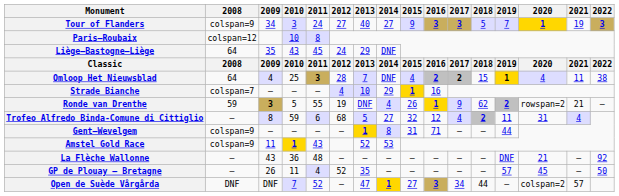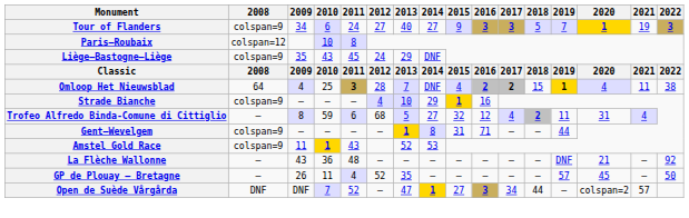 <table class="wikitable plainrowheaders">
 <tr style="background:#eee;">
 <th>Monument</th>
 <th>2008</th>
 <th>2009</th>
 <th>2010</th>
 <th>2011</th>
 <th>2012</th>
 <th>2013</th>
 <th>2014</th>
 <th>2015</th>
 <th>2016</th>
 <th>2017</th>
 <th>2018</th>
 <th>2019</th>
 <th>2020</th>
 <th>2021</th>
 <th>2022</th>
 </tr>
 <tr style="text-align:center;">
 <th scope="row"><a href='#'>Tour of Flanders</a></th>
 <td>colspan=9 </td>
 <td><a href='#'>34</a></td>
-<td style="background:#ddf;"><a href='#'>3</a></td>
+<td style="background:#ddf;"><a href='#'>6</a></td>
 <td><a href='#'>24</a></td>
 <td><a href='#'>27</a></td>
 <td><a href='#'>40</a></td>
 <td><a href='#'>27</a></td>
 <td style="background:#ddf;"><a href='#'>9</a></td>
 <td style="background:#C9AE5D;"><a href='#'><strong>3</strong></a></td>
 <td style="background:#C9AE5D;"><a href='#'><strong>3</strong></a></td>
 <td style="background:#ddf;"><a href='#'>5</a></td>
 <td style="background:#ddf;"><a href='#'>7</a></td>
 <td style="background:gold;"><a href='#'><strong>1</strong></a></td>
 <td><a href='#'>19</a></td>
 <td style="background:#C9AE5D;"><a href='#'><strong>3</strong></a></td>
 </tr>
 <tr style="text-align:center;">
 <th scope="row"><a href='#'>Paris–Roubaix</a></th>
 <td>colspan=12 </td>
 <td></td>
 <td style="background:#ddf;"><a href='#'>10</a></td>
 <td style="background:#ddf;"><a href='#'>8</a></td>
 </tr>
 <tr style="text-align:center;">
 <th scope="row"><a href='#'>Liège–Bastogne–Liège</a></th>
-<td>64</td>
+<td>colspan=9 </td>
 <td><a href='#'>35</a></td>
 <td><a href='#'>43</a></td>
 <td><a href='#'>45</a></td>
 <td><a href='#'>24</a></td>
 <td><a href='#'>29</a></td>
 <td><a href='#'>DNF</a></td>
 </tr>
 <tr>
 <th>Classic</th>
 <th>2008</th>
 <th>2009</th>
 <th>2010</th>
 <th>2011</th>
 <th>2012</th>
 <th>2013</th>
 <th>2014</th>
 <th>2015</th>
 <th>2016</th>
 <th>2017</th>
 <th>2018</th>
 <th>2019</th>
 <th>2020</th>
 <th>2021</th>
 <th>2022</th>
 </tr>
 <tr style="text-align:center;">
 <th scope="row"><a href='#'>Omloop Het Nieuwsblad</a></th>
 <td>64</td>
 <td style="background:#ddf;">4</td>
 <td>25</td>
 <td style="background:#C9AE5D;"><strong>3</strong></td>
 <td><a href='#'>28</a></td>
 <td style="background:#ddf;"><a href='#'>7</a></td>
 <td><a href='#'>DNF</a></td>
 <td style="background:#ddf;"><a href='#'>4</a></td>
 <td style="background:silver;"><a href='#'><strong>2</strong></a></td>
 <td style="background:silver;"><strong>2</strong></td>
 <td><a href='#'>15</a></td>
 <td style="background:gold;"><strong>1</strong></td>
 <td style="background:#ddf;"><a href='#'>4</a></td>
 <td><a href='#'>11</a></td>
 <td><a href='#'>38</a></td>
 </tr>
 <tr style="text-align:center;">
 <th scope="row"><a href='#'>Strade Bianche</a></th>
-<td>colspan=7 </td>
+<td>colspan=9 </td>
 <td>—</td>
 <td>—</td>
 <td>—</td>
 <td style="background:#ddf;"><a href='#'>4</a></td>
 <td style="background:#ddf;"><a href='#'>10</a></td>
 <td><a href='#'>29</a></td>
 <td style="background:gold;"><a href='#'><strong>1</strong></a></td>
 <td><a href='#'>16</a></td>
-</tr>
-<tr style="text-align:center;">
-<th scope="row"><a href='#'>Ronde van Drenthe</a></th>
-<td>59</td>
-<td style="background:#C9AE5D;"><strong>3</strong></td>
-<td>5</td>
-<td>55</td>
-<td>19</td>
-<td><a href='#'>DNF</a></td>
-<td style="background:#ddf;"><a href='#'>4</a></td>
-<td><a href='#'>26</a></td>
-<td style="background:gold;"><a href='#'><strong>1</strong></a></td>
-<td style="background:#ddf;"><a href='#'>9</a></td>
-<td><a href='#'>62</a></td>
-<td style="background:silver;"><a href='#'><strong>2</strong></a></td>
-<td>rowspan=2 </td>
-<td>21</td>
-<td>—</td>
 </tr>
 <tr style="text-align:center;">
 <th scope="row"><a href='#'>Trofeo Alfredo Binda-Comune di Cittiglio</a></th>
 <td>—</td>
 <td style="background:#ddf;">8</td>
 <td>59</td>
 <td style="background:#ddf;">6</td>
 <td>68</td>
 <td style="background:#ddf;"><a href='#'>5</a></td>
 <td><a href='#'>27</a></td>
 <td><a href='#'>32</a></td>
 <td><a href='#'>12</a></td>
 <td style="background:#ddf;"><a href='#'>4</a></td>
 <td style="background:silver;"><a href='#'><strong>2</strong></a></td>
 <td><a href='#'>11</a></td>
 <td><a href='#'>31</a></td>
 <td style="background:#ddf;"><a href='#'>4</a></td>
 </tr>
 <tr style="text-align:center;">
 <th scope="row"><a href='#'>Gent–Wevelgem</a></th>
 <td>colspan=9 </td>
 <td>—</td>
 <td>—</td>
 <td>—</td>
 <td>—</td>
 <td style="background:gold;"><a href='#'><strong>1</strong></a></td>
 <td style="background:#ddf;"><a href='#'>8</a></td>
 <td><a href='#'>31</a></td>
 <td><a href='#'>71</a></td>
 <td>—</td>
 <td>—</td>
 <td><a href='#'>44</a></td>
 </tr>
 <tr style="text-align:center;">
 <th scope="row"><a href='#'>Amstel Gold Race</a></th>
 <td>colspan=9 </td>
 <td><a href='#'>11</a></td>
 <td style="background:gold;"><a href='#'><strong>1</strong></a></td>
 <td><a href='#'>43</a></td>
 <td></td>
 <td><a href='#'>52</a></td>
 <td><a href='#'>53</a></td>
 </tr>
 <tr style="text-align:center;">
 <th scope="row"><a href='#'>La Flèche Wallonne</a></th>
 <td>—</td>
 <td>43</td>
 <td>36</td>
 <td>48</td>
 <td>—</td>
 <td>—</td>
 <td>—</td>
 <td>—</td>
 <td>—</td>
 <td>—</td>
 <td>—</td>
 <td><a href='#'>DNF</a></td>
 <td><a href='#'>21</a></td>
 <td>—</td>
 <td><a href='#'>92</a></td>
 </tr>
 <tr style="text-align:center;">
 <th scope="row"><a href='#'>GP de Plouay – Bretagne</a></th>
 <td>—</td>
 <td>26</td>
 <td>11</td>
 <td style="background:#ddf;">4</td>
 <td>52</td>
 <td><a href='#'>35</a></td>
 <td>—</td>
 <td>—</td>
 <td>—</td>
 <td>—</td>
 <td>—</td>
 <td><a href='#'>57</a></td>
 <td><a href='#'>45</a></td>
 <td>—</td>
 <td><a href='#'>50</a></td>
 </tr>
 <tr style="text-align:center;">
 <th scope="row"><a href='#'>Open de Suède Vårgårda</a></th>
 <td>DNF</td>
 <td>DNF</td>
 <td style="background:#ddf;"><a href='#'>7</a></td>
 <td><a href='#'>52</a></td>
 <td>—</td>
 <td><a href='#'>47</a></td>
 <td style="background:gold;"><a href='#'><strong>1</strong></a></td>
 <td><a href='#'>27</a></td>
 <td style="background:#C9AE5D;"><a href='#'><strong>3</strong></a></td>
 <td><a href='#'>34</a></td>
 <td>44</td>
 <td>—</td>
 <td>colspan=2 </td>
 <td>57</td>
 </tr>
 </table>
